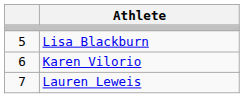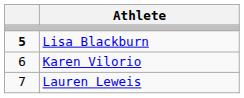 <table class="wikitable">
 <tr>
 <th width="30"></th>
 <th width="200">Athlete</th>
 </tr>
 <tr bgcolor="C0C0C0">
 <td colspan=2></td>
 </tr>
 <tr>
-<td align="center">5</td>
+<td align="center"><strong>5</strong></td>
 <td> <a href='#'>Lisa Blackburn</a></td>
 </tr>
 <tr>
 <td align="center">6</td>
 <td> <a href='#'>Karen Vilorio</a></td>
 </tr>
 <tr>
 <td align="center">7</td>
 <td> <a href='#'>Lauren Leweis</a></td>
 </tr>
 </table>
